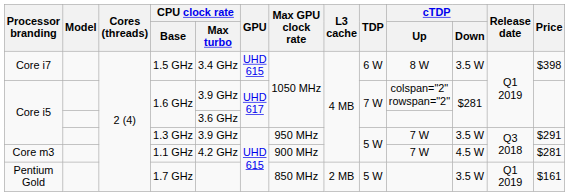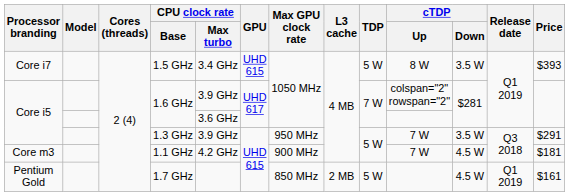 <table class="wikitable sortable" style="text-align: center;">
 <tr>
 <th rowspan="2">Processor<br>branding</th>
 <th rowspan="2">Model</th>
 <th rowspan="2">Cores<br>(threads)</th>
 <th colspan="2">CPU <a href='#'>clock rate</a></th>
 <th rowspan="2">GPU</th>
 <th rowspan="2">Max GPU<br>clock rate</th>
 <th rowspan="2">L3<br>cache</th>
 <th rowspan="2">TDP</th>
 <th colspan="2"><a href='#'>cTDP</a></th>
 <th rowspan="2">Release<br>date</th>
 <th rowspan="2">Price</th>
 </tr>
 <tr>
 <th>Base</th>
 <th>Max <a href='#'>turbo</a></th>
 <th>Up</th>
 <th>Down</th>
 </tr>
 <tr>
 <td>Core i7</td>
 <td></td>
 <td rowspan="6">2 (4)</td>
 <td>1.5 GHz</td>
 <td>3.4 GHz</td>
 <td><a href='#'>UHD 615</a></td>
 <td rowspan="3">1050 MHz</td>
 <td rowspan="5">4 MB</td>
-<td>6 W</td>
+<td>5 W</td>
 <td>8 W</td>
 <td>3.5 W</td>
 <td rowspan="3">Q1 2019</td>
-<td>$398</td>
+<td>$393</td>
 </tr>
 <tr>
 <td rowspan="3">Core i5</td>
 <td></td>
 <td rowspan="2">1.6 GHz</td>
 <td>3.9 GHz</td>
 <td rowspan="2"><a href='#'>UHD 617</a></td>
 <td rowspan="2">7 W</td>
 <td>colspan="2" rowspan="2" </td>
 <td rowspan="2">$281</td>
 </tr>
 <tr>
 <td></td>
 <td>3.6 GHz</td>
 </tr>
 <tr>
 <td></td>
 <td>1.3 GHz</td>
 <td>3.9 GHz</td>
 <td rowspan="3"><a href='#'>UHD 615</a></td>
 <td>950 MHz</td>
 <td rowspan="2">5 W</td>
 <td>7 W</td>
 <td>3.5 W</td>
 <td rowspan="2">Q3 2018</td>
 <td>$291</td>
 </tr>
 <tr>
 <td>Core m3</td>
 <td></td>
 <td>1.1 GHz</td>
 <td>4.2 GHz</td>
 <td>900 MHz</td>
 <td>7 W</td>
 <td>4.5 W</td>
-<td>$281</td>
+<td>$181</td>
 </tr>
 <tr>
 <td>Pentium Gold</td>
 <td></td>
 <td>1.7 GHz</td>
 <td></td>
 <td>850 MHz</td>
 <td>2 MB</td>
 <td>5 W</td>
 <td></td>
-<td>3.5 W</td>
+<td>4.5 W</td>
 <td>Q1 2019</td>
 <td>$161</td>
 </tr>
 </table>
